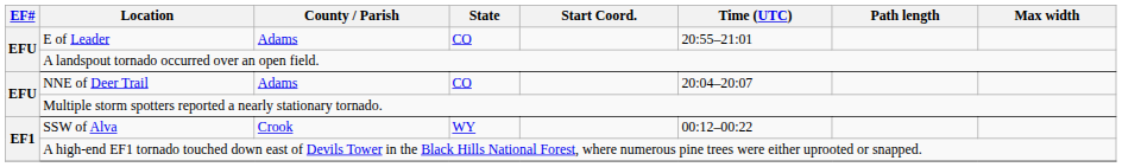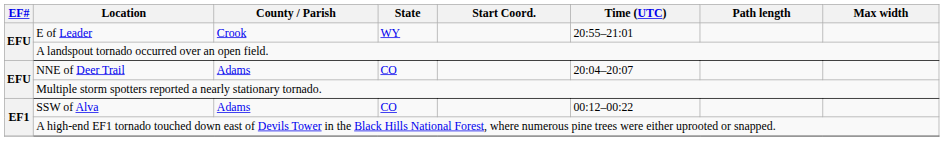 <table class="wikitable sortable" style="width:100%;">
 <tr>
 <th scope="col" width="2%" align="center"><a href='#'>EF#</a></th>
 <th scope="col" align="center" class="unsortable">Location</th>
 <th scope="col" align="center" class="unsortable">County / Parish</th>
 <th scope="col" align="center">State</th>
 <th scope="col" align="center">Start Coord.</th>
 <th scope="col" align="center">Time (<a href='#'>UTC</a>)</th>
 <th scope="col" align="center">Path length</th>
 <th scope="col" align="center">Max width</th>
 </tr>
 <tr>
 <th scope="row" rowspan="2" style="background-color:#">EFU</th>
 <td>E of <a href='#'>Leader</a></td>
-<td><a href='#'>Adams</a></td>
-<td><a href='#'>CO</a></td>
+<td><a href='#'>Crook</a></td>
+<td><a href='#'>WY</a></td>
 <td></td>
 <td>20:55–21:01</td>
 <td></td>
 <td></td>
 </tr>
 <tr class="expand-child">
 <td colspan="8" style=" border-bottom: 1px solid black;">A landspout tornado occurred over an open field.</td>
 </tr>
 <tr>
 <th scope="row" rowspan="2" style="background-color:#">EFU</th>
 <td>NNE of <a href='#'>Deer Trail</a></td>
 <td><a href='#'>Adams</a></td>
 <td><a href='#'>CO</a></td>
 <td></td>
 <td>20:04–20:07</td>
 <td></td>
 <td></td>
 </tr>
 <tr class="expand-child">
 <td colspan="8" style=" border-bottom: 1px solid black;">Multiple storm spotters reported a nearly stationary tornado.</td>
 </tr>
 <tr>
 <th scope="row" rowspan="2" style="background-color:#">EF1</th>
 <td>SSW of <a href='#'>Alva</a></td>
-<td><a href='#'>Crook</a></td>
-<td><a href='#'>WY</a></td>
+<td><a href='#'>Adams</a></td>
+<td><a href='#'>CO</a></td>
 <td></td>
 <td>00:12–00:22</td>
 <td></td>
 <td></td>
 </tr>
 <tr class="expand-child">
 <td colspan="8" style=" border-bottom: 1px solid black;">A high-end EF1 tornado touched down east of <a href='#'>Devils Tower</a> in the <a href='#'>Black Hills National Forest</a>, where numerous pine trees were either uprooted or snapped.</td>
 </tr>
 <tr>
 </tr>
 </table>
